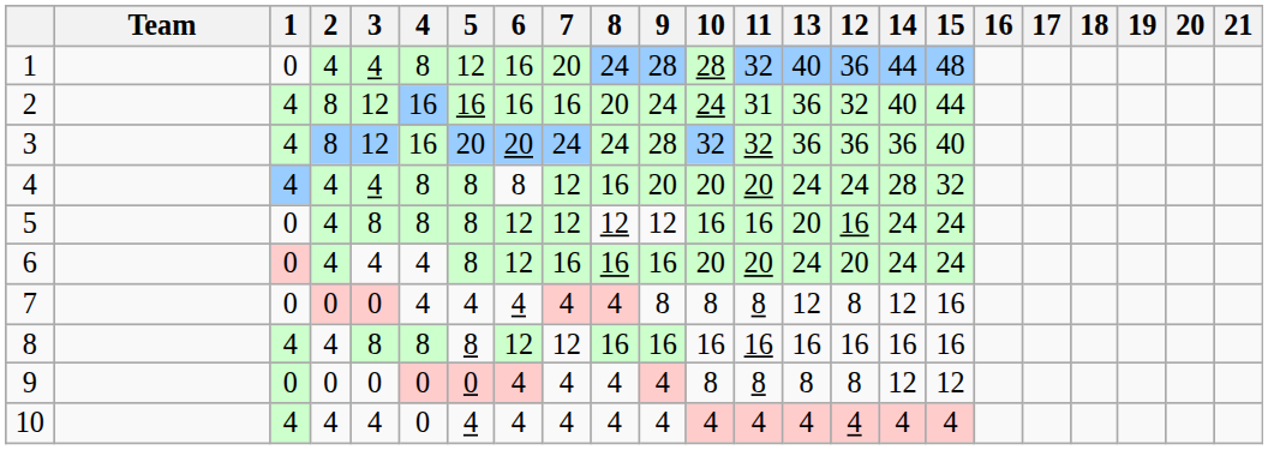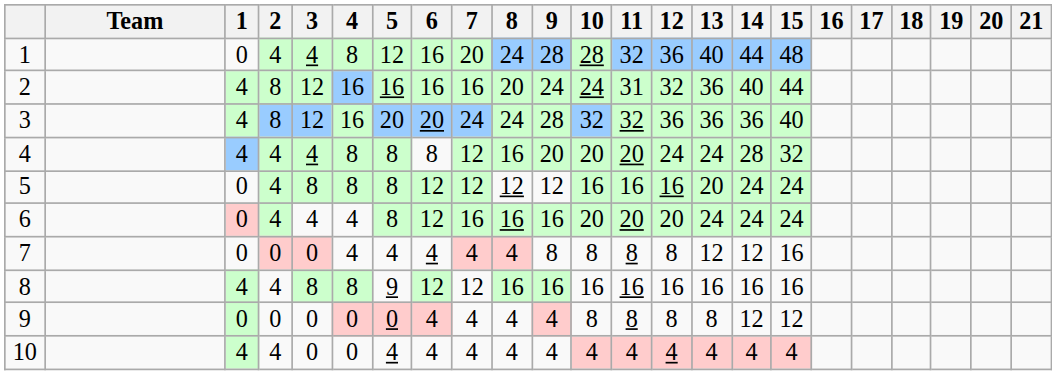 <table class="wikitable" style="text-align:center; line-height: 90%; font-size:90%;" width=100%>
 <tr>
 <th width=20 abbr="Position"></th>
 <th width=175px>Team</th>
 <th width=20 abbr="Round 1">1</th>
 <th width=20 abbr="Round 2">2</th>
 <th width=20 abbr="Round 3">3</th>
 <th width=20 abbr="Round 4">4</th>
 <th width=20 abbr="Round 5">5</th>
 <th width=20 abbr="Round 6">6</th>
 <th width=20 abbr="Round 7">7</th>
 <th width=20 abbr="Round 8">8</th>
 <th width=20 abbr="Round 9">9</th>
 <th width=20 abbr="Round 10">10</th>
 <th width=20 abbr="Round 11">11</th>
+<th width=20 abbr="Round 12">12</th>
 <th width=20 abbr="Round 13">13</th>
-<th width=20 abbr="Round 12">12</th>
 <th width=20 abbr="Round 14">14</th>
 <th width=20 abbr="Round 15">15</th>
 <th width=20 abbr="Round 16">16</th>
 <th width=20 abbr="Round 17">17</th>
 <th width=20 abbr="Round 18">18</th>
 <th width=20 abbr="Round 19">19</th>
 <th width=20 abbr="Round 20">20</th>
 <th width=20 abbr="Round 21">21</th>
 </tr>
 <tr>
 <td>1</td>
 <td style="text-align:left;"></td>
 <td>0</td>
 <td style="background:#ccffcc;">4</td>
 <td style="background:#ccffcc;"><u>4</u></td>
 <td style="background:#ccffcc;">8</td>
 <td style="background:#ccffcc;">12</td>
 <td style="background:#ccffcc;">16</td>
 <td style="background:#ccffcc;">20</td>
 <td style="background:#99ccff;">24</td>
 <td style="background:#99ccff;">28</td>
 <td style="background:#ccffcc;"><u>28</u></td>
 <td style="background:#99ccff;">32</td>
+<td style="background:#99ccff;">36</td>
 <td style="background:#99ccff;">40</td>
-<td style="background:#99ccff;">36</td>
 <td style="background:#99ccff;">44</td>
 <td style="background:#99ccff;">48</td>
 <td></td>
 <td></td>
 <td></td>
 <td></td>
 <td></td>
 <td></td>
 </tr>
 <tr>
 <td>2</td>
 <td style="text-align:left;"></td>
 <td style="background:#ccffcc;">4</td>
 <td style="background:#ccffcc;">8</td>
 <td style="background:#ccffcc;">12</td>
 <td style="background:#99ccff;">16</td>
 <td style="background:#ccffcc;"><u>16</u></td>
 <td style="background:#ccffcc;">16</td>
 <td style="background:#ccffcc;">16</td>
 <td style="background:#ccffcc;">20</td>
 <td style="background:#ccffcc;">24</td>
 <td style="background:#ccffcc;"><u>24</u></td>
 <td style="background:#ccffcc;">31</td>
+<td style="background:#ccffcc;">32</td>
 <td style="background:#ccffcc;">36</td>
-<td style="background:#ccffcc;">32</td>
 <td style="background:#ccffcc;">40</td>
 <td style="background:#ccffcc;">44</td>
 <td></td>
 <td></td>
 <td></td>
 <td></td>
 <td></td>
 <td></td>
 </tr>
 <tr>
 <td>3</td>
 <td style="text-align:left;"></td>
 <td style="background:#ccffcc;">4</td>
 <td style="background:#99ccff;">8</td>
 <td style="background:#99ccff;">12</td>
 <td style="background:#ccffcc;">16</td>
 <td style="background:#99ccff;">20</td>
 <td style="background:#99ccff;"><u>20</u></td>
 <td style="background:#99ccff;">24</td>
 <td style="background:#ccffcc;">24</td>
 <td style="background:#ccffcc;">28</td>
 <td style="background:#99ccff;">32</td>
 <td style="background:#ccffcc;"><u>32</u></td>
 <td style="background:#ccffcc;">36</td>
 <td style="background:#ccffcc;">36</td>
 <td style="background:#ccffcc;">36</td>
 <td style="background:#ccffcc;">40</td>
 <td></td>
 <td></td>
 <td></td>
 <td></td>
 <td></td>
 <td></td>
 </tr>
 <tr>
 <td>4</td>
 <td style="text-align:left;"></td>
 <td style="background:#99ccff;">4</td>
 <td style="background:#ccffcc;">4</td>
 <td style="background:#ccffcc;"><u>4</u></td>
 <td style="background:#ccffcc;">8</td>
 <td style="background:#ccffcc;">8</td>
 <td>8</td>
 <td style="background:#ccffcc;">12</td>
 <td style="background:#ccffcc;">16</td>
 <td style="background:#ccffcc;">20</td>
 <td style="background:#ccffcc;">20</td>
 <td style="background:#ccffcc;"><u>20</u></td>
 <td style="background:#ccffcc;">24</td>
 <td style="background:#ccffcc;">24</td>
 <td style="background:#ccffcc;">28</td>
 <td style="background:#ccffcc;">32</td>
 <td></td>
 <td></td>
 <td></td>
 <td></td>
 <td></td>
 <td></td>
 </tr>
 <tr>
 <td>5</td>
 <td style="text-align:left;"></td>
 <td>0</td>
 <td style="background:#ccffcc;">4</td>
 <td style="background:#ccffcc;">8</td>
 <td style="background:#ccffcc;">8</td>
 <td style="background:#ccffcc;">8</td>
 <td style="background:#ccffcc;">12</td>
 <td style="background:#ccffcc;">12</td>
 <td><u>12</u></td>
 <td>12</td>
 <td style="background:#ccffcc;">16</td>
 <td style="background:#ccffcc;">16</td>
+<td style="background:#ccffcc;"><u>16</u></td>
 <td style="background:#ccffcc;">20</td>
-<td style="background:#ccffcc;"><u>16</u></td>
 <td style="background:#ccffcc;">24</td>
 <td style="background:#ccffcc;">24</td>
 <td></td>
 <td></td>
 <td></td>
 <td></td>
 <td></td>
 <td></td>
 </tr>
 <tr>
 <td>6</td>
 <td style="text-align:left;"></td>
 <td style="background:#ffcccc;">0</td>
 <td style="background:#ccffcc;">4</td>
 <td>4</td>
 <td>4</td>
 <td style="background:#ccffcc;">8</td>
 <td style="background:#ccffcc;">12</td>
 <td style="background:#ccffcc;">16</td>
 <td style="background:#ccffcc;"><u>16</u></td>
 <td style="background:#ccffcc;">16</td>
 <td style="background:#ccffcc;">20</td>
 <td style="background:#ccffcc;"><u>20</u></td>
+<td style="background:#ccffcc;">20</td>
 <td style="background:#ccffcc;">24</td>
-<td style="background:#ccffcc;">20</td>
 <td style="background:#ccffcc;">24</td>
 <td style="background:#ccffcc;">24</td>
 <td></td>
 <td></td>
 <td></td>
 <td></td>
 <td></td>
 <td></td>
 </tr>
 <tr>
 <td>7</td>
 <td style="text-align:left;"></td>
 <td>0</td>
 <td style="background:#ffcccc;">0</td>
 <td style="background:#ffcccc;">0</td>
 <td>4</td>
 <td>4</td>
 <td><u>4</u></td>
 <td style="background:#ffcccc;">4</td>
 <td style="background:#ffcccc;">4</td>
 <td>8</td>
 <td>8</td>
 <td><u>8</u></td>
+<td>8</td>
 <td>12</td>
-<td>8</td>
 <td>12</td>
 <td>16</td>
 <td></td>
 <td></td>
 <td></td>
 <td></td>
 <td></td>
 <td></td>
 </tr>
 <tr>
 <td>8</td>
 <td style="text-align:left;"></td>
 <td style="background:#ccffcc;">4</td>
 <td>4</td>
 <td style="background:#ccffcc;">8</td>
 <td style="background:#ccffcc;">8</td>
-<td><u>8</u></td>
+<td><u>9</u></td>
 <td style="background:#ccffcc;">12</td>
 <td>12</td>
 <td style="background:#ccffcc;">16</td>
 <td style="background:#ccffcc;">16</td>
 <td>16</td>
 <td><u>16</u></td>
 <td>16</td>
 <td>16</td>
 <td>16</td>
 <td>16</td>
 <td></td>
 <td></td>
 <td></td>
 <td></td>
 <td></td>
 <td></td>
 </tr>
 <tr>
 <td>9</td>
 <td style="text-align:left;"></td>
 <td style="background:#ccffcc;">0</td>
 <td>0</td>
 <td>0</td>
 <td style="background:#ffcccc;">0</td>
 <td style="background:#ffcccc;"><u>0</u></td>
 <td style="background:#ffcccc;">4</td>
 <td>4</td>
 <td>4</td>
 <td style="background:#ffcccc;">4</td>
 <td>8</td>
 <td><u>8</u></td>
 <td>8</td>
 <td>8</td>
 <td>12</td>
 <td>12</td>
 <td></td>
 <td></td>
 <td></td>
 <td></td>
 <td></td>
 <td></td>
 </tr>
 <tr>
 <td>10</td>
 <td style="text-align:left;"></td>
 <td style="background:#ccffcc;">4</td>
 <td>4</td>
-<td>4</td>
+<td>0</td>
 <td>0</td>
 <td><u>4</u></td>
 <td>4</td>
 <td>4</td>
 <td>4</td>
 <td>4</td>
 <td style="background:#ffcccc;">4</td>
 <td style="background:#ffcccc;">4</td>
+<td style="background:#ffcccc;"><u>4</u></td>
 <td style="background:#ffcccc;">4</td>
-<td style="background:#ffcccc;"><u>4</u></td>
 <td style="background:#ffcccc;">4</td>
 <td style="background:#ffcccc;">4</td>
 <td></td>
 <td></td>
 <td></td>
 <td></td>
 <td></td>
 <td></td>
 </tr>
 </table>
